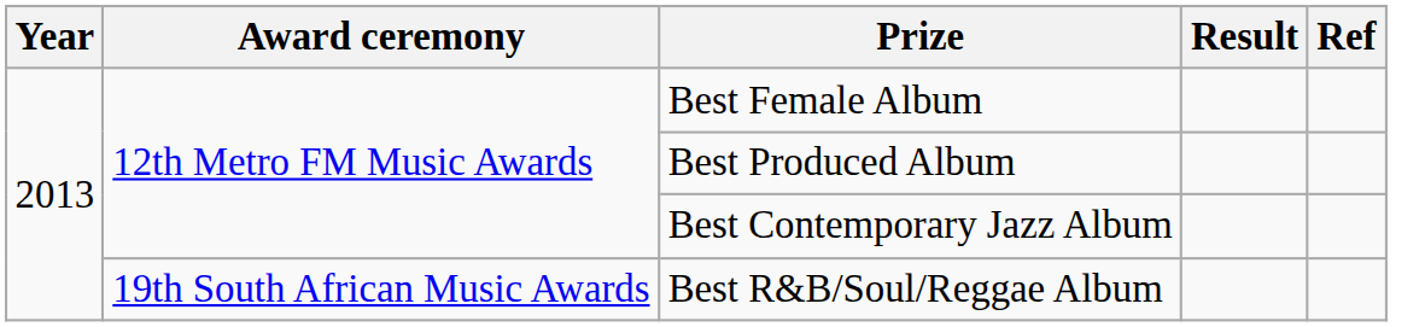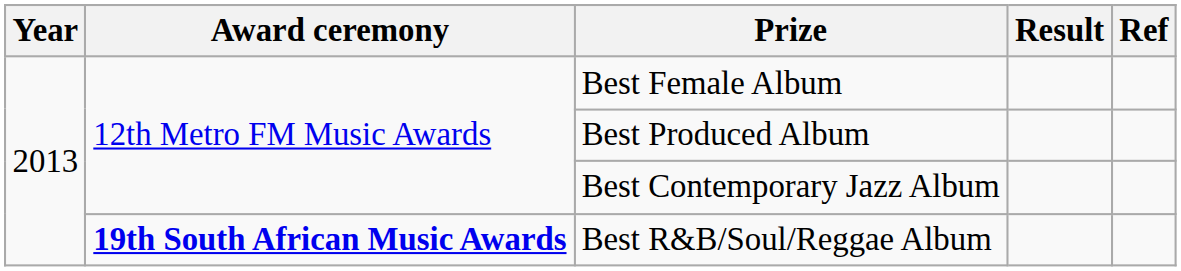 <table class ="wikitable">
 <tr>
 <th>Year</th>
 <th>Award ceremony</th>
 <th>Prize</th>
 <th>Result</th>
 <th>Ref</th>
 </tr>
 <tr>
 <td rowspan="4">2013</td>
 <td rowspan="3"><a href='#'>12th Metro FM Music Awards</a></td>
 <td>Best Female Album</td>
 <td></td>
 <td></td>
 </tr>
 <tr>
 <td>Best Produced Album</td>
 <td></td>
 <td></td>
 </tr>
 <tr>
 <td>Best Contemporary Jazz Album</td>
 <td></td>
 <td></td>
 </tr>
 <tr>
-<td><a href='#'>19th South African Music Awards</a></td>
+<td><strong><a href='#'>19th South African Music Awards</a></strong></td>
 <td>Best R&B/Soul/Reggae Album</td>
 <td></td>
 <td></td>
 </tr>
 </table>
